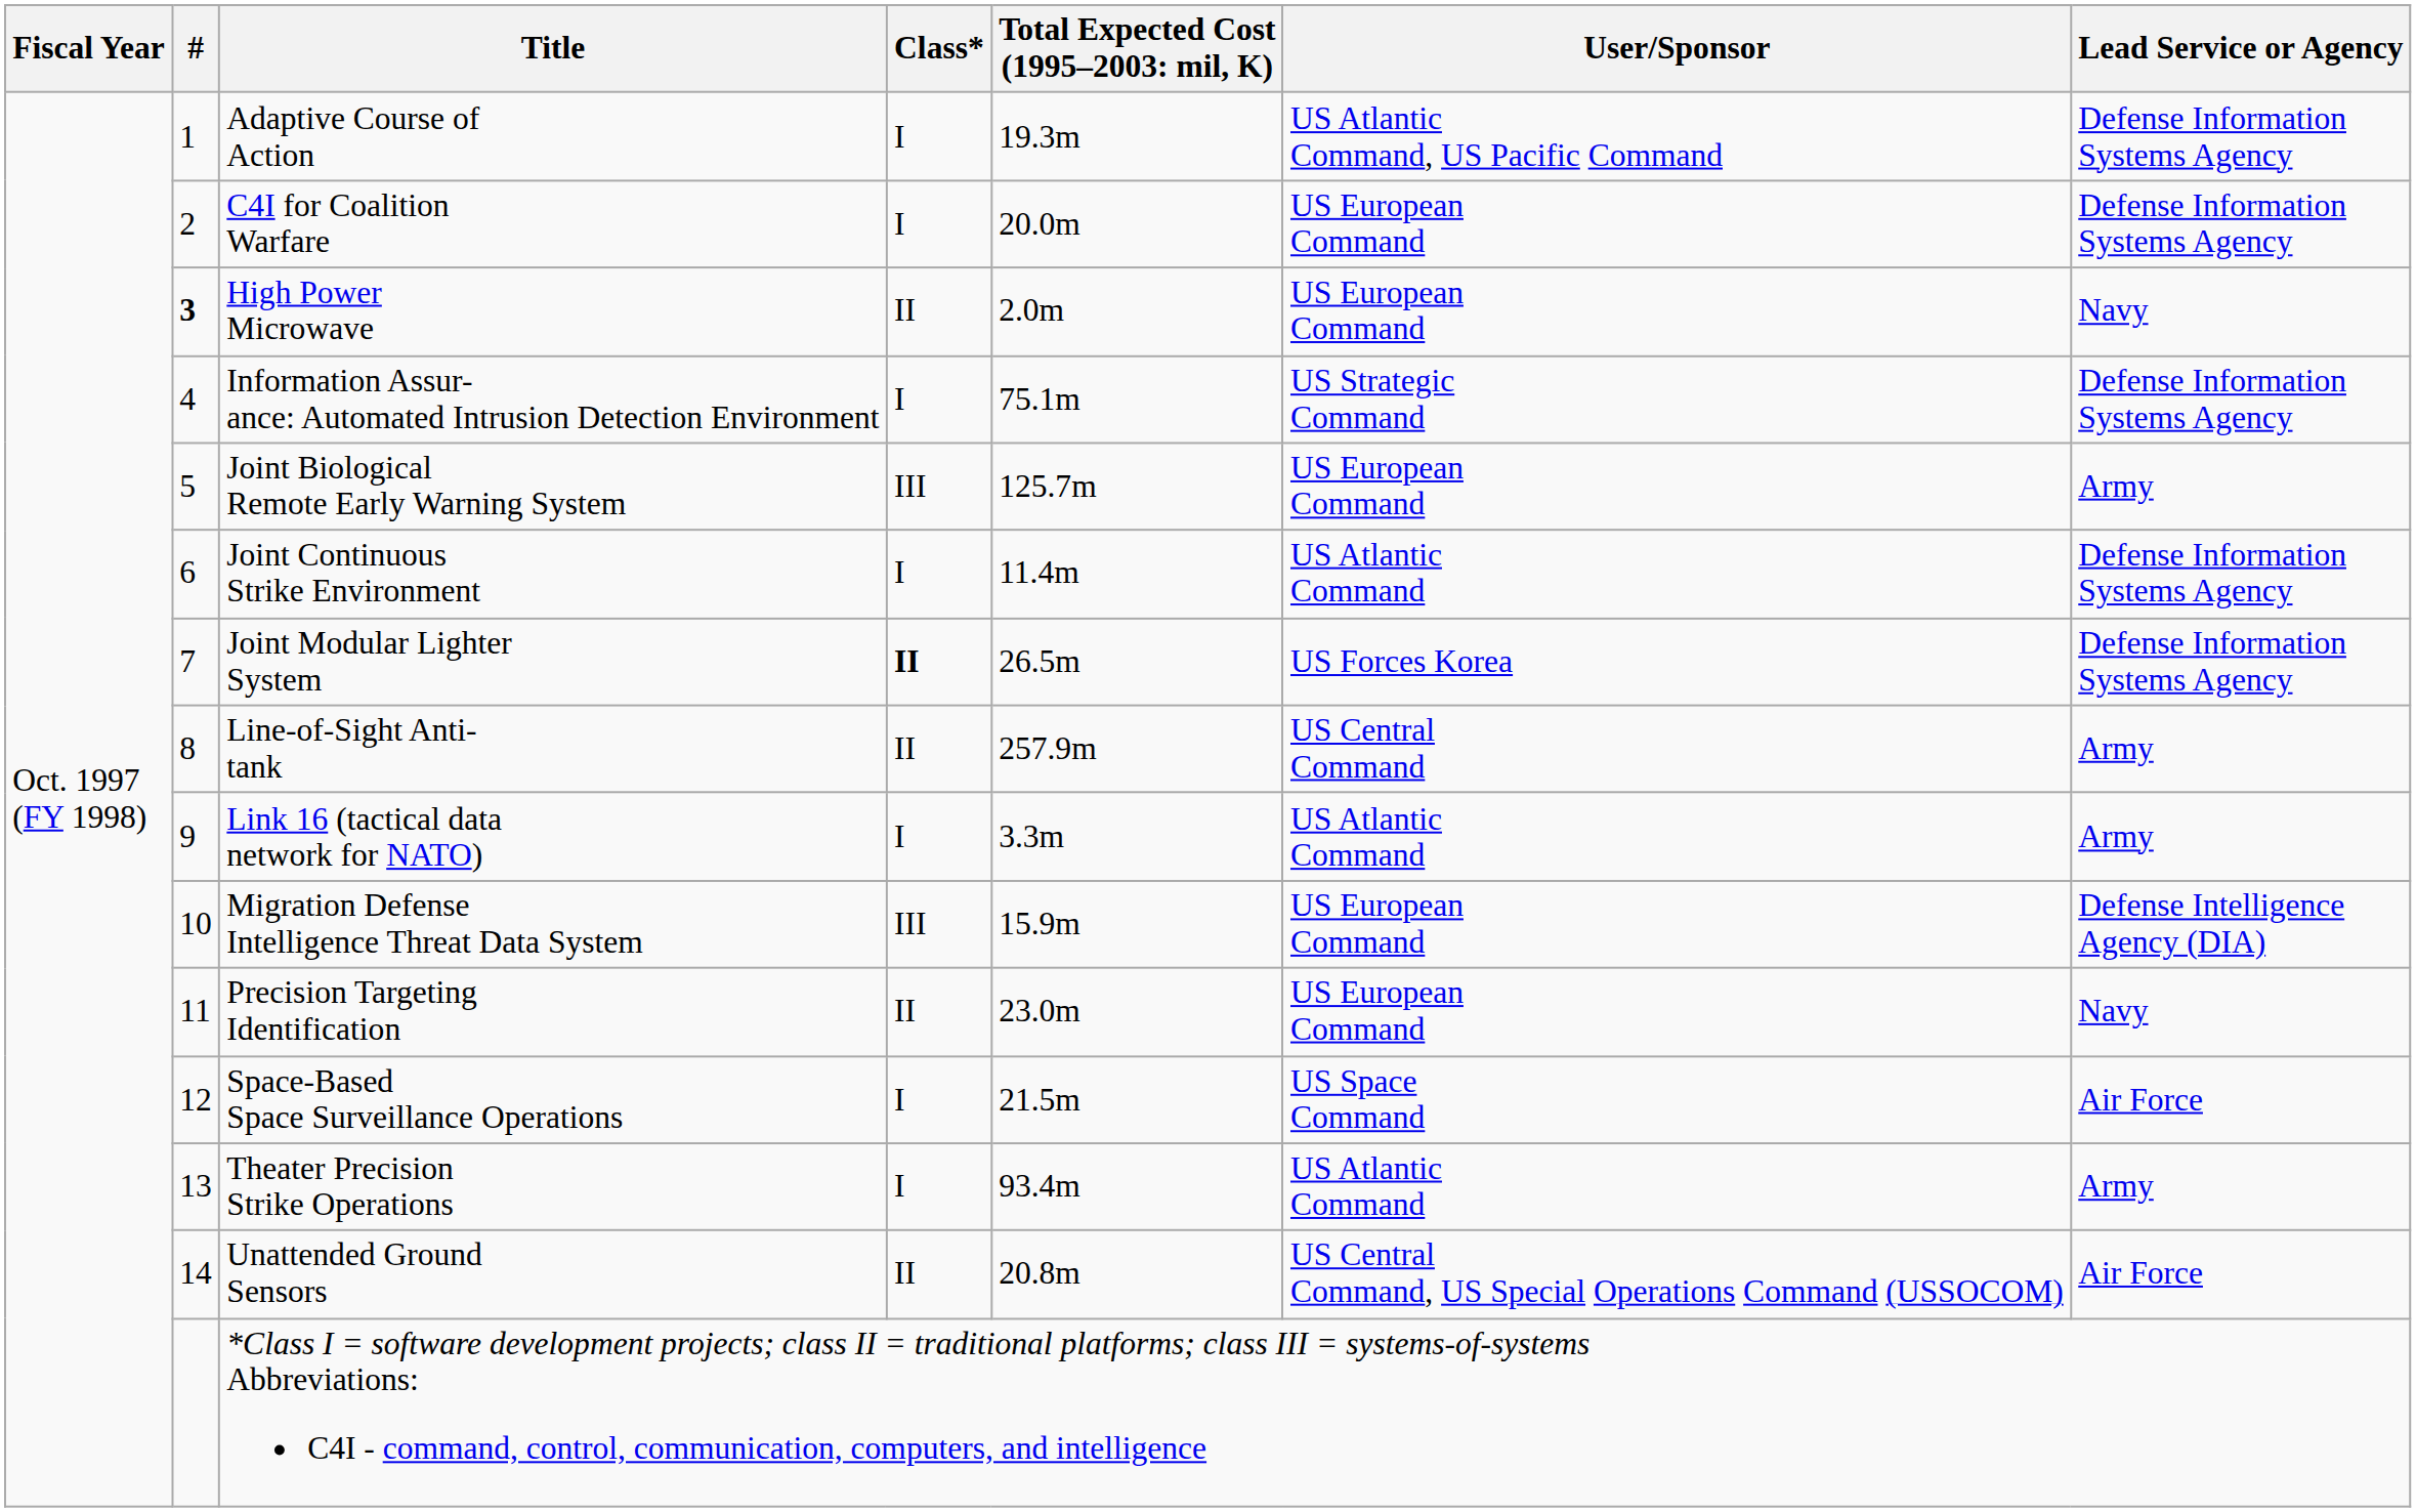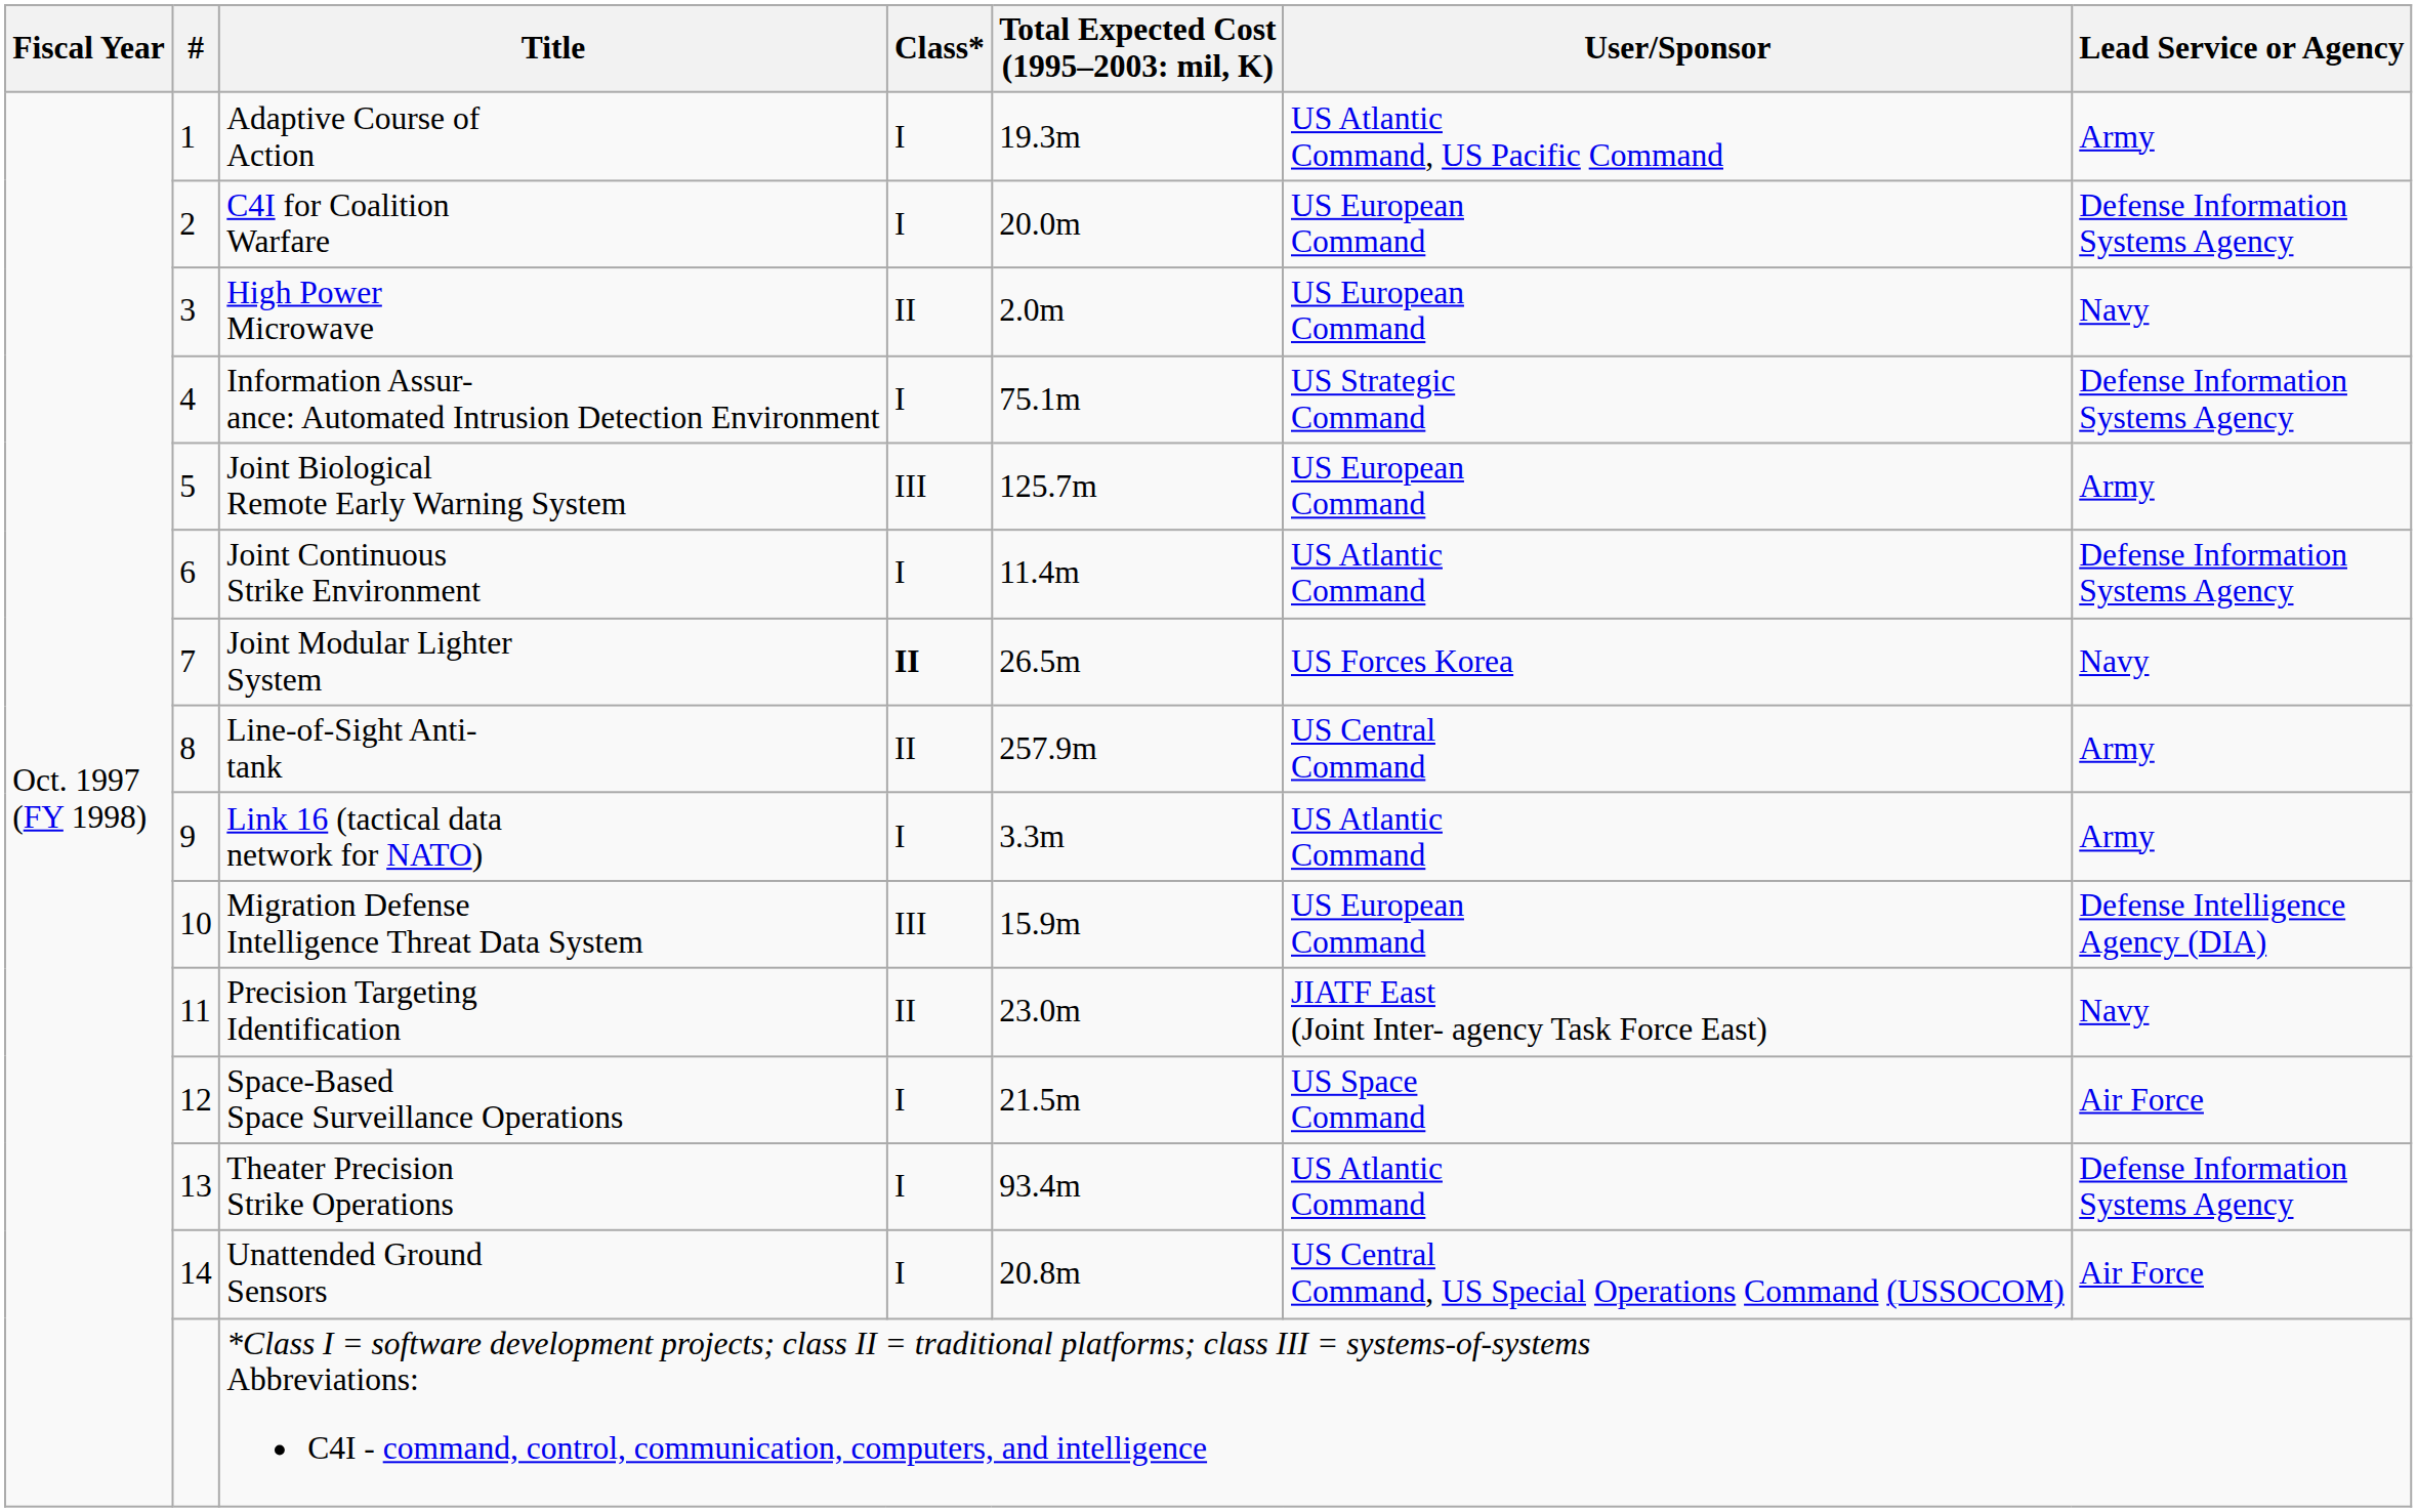 <table class="wikitable sortable mw-collapsible">
 <tr>
 <th>Fiscal Year</th>
 <th>#</th>
 <th>Title</th>
 <th>Class*</th>
 <th>Total Expected Cost<br>(1995–2003: mil, K)</th>
 <th>User/Sponsor</th>
 <th>Lead Service or Agency</th>
 </tr>
 <tr>
 <td rowspan="15">Oct. 1997<br>(<a href='#'>FY</a> 1998)</td>
 <td>1</td>
 <td>Adaptive Course of<br>Action</td>
 <td>I</td>
 <td>19.3m</td>
 <td><a href='#'>US Atlantic</a><br><a href='#'>Command</a>,  <a href='#'>US Pacific</a>  <a href='#'>Command</a></td>
-<td><a href='#'>Defense Information</a><br><a href='#'>Systems Agency</a></td>
+<td><a href='#'>Army</a></td>
 </tr>
 <tr>
 <td>2</td>
 <td><a href='#'>C4I</a> for Coalition<br>Warfare</td>
 <td>I</td>
 <td>20.0m</td>
 <td><a href='#'>US European</a><br><a href='#'>Command</a></td>
 <td><a href='#'>Defense Information</a><br><a href='#'>Systems Agency</a></td>
 </tr>
 <tr>
-<td><strong>3</strong></td>
+<td>3</td>
 <td><a href='#'>High Power</a><br>Microwave</td>
 <td>II</td>
 <td>2.0m</td>
 <td><a href='#'>US European</a><br><a href='#'>Command</a></td>
 <td><a href='#'>Navy</a></td>
 </tr>
 <tr>
 <td>4</td>
 <td>Information Assur-<br>ance: Automated  Intrusion Detection  Environment</td>
 <td>I</td>
 <td>75.1m</td>
 <td><a href='#'>US Strategic</a><br><a href='#'>Command</a></td>
 <td><a href='#'>Defense Information</a><br><a href='#'>Systems Agency</a></td>
 </tr>
 <tr>
 <td>5</td>
 <td>Joint Biological<br>Remote Early  Warning System</td>
 <td>III</td>
 <td>125.7m</td>
 <td><a href='#'>US European</a><br><a href='#'>Command</a></td>
 <td><a href='#'>Army</a></td>
 </tr>
 <tr>
 <td>6</td>
 <td>Joint Continuous<br>Strike Environment</td>
 <td>I</td>
 <td>11.4m</td>
 <td><a href='#'>US Atlantic</a><br><a href='#'>Command</a></td>
 <td><a href='#'>Defense Information</a><br><a href='#'>Systems Agency</a></td>
 </tr>
 <tr>
 <td>7</td>
 <td>Joint Modular Lighter<br>System</td>
 <td><strong>II</strong></td>
 <td>26.5m</td>
 <td><a href='#'>US Forces Korea</a></td>
-<td><a href='#'>Defense Information</a><br><a href='#'>Systems Agency</a></td>
+<td><a href='#'>Navy</a></td>
 </tr>
 <tr>
 <td>8</td>
 <td>Line-of-Sight Anti-<br>tank</td>
 <td>II</td>
 <td>257.9m</td>
 <td><a href='#'>US Central</a><br><a href='#'>Command</a></td>
 <td><a href='#'>Army</a></td>
 </tr>
 <tr>
 <td>9</td>
 <td><a href='#'>Link 16</a> (tactical data<br>network for <a href='#'>NATO</a>)</td>
 <td>I</td>
 <td>3.3m</td>
 <td><a href='#'>US Atlantic</a><br><a href='#'>Command</a></td>
 <td><a href='#'>Army</a></td>
 </tr>
 <tr>
 <td>10</td>
 <td>Migration Defense<br>Intelligence Threat  Data System</td>
 <td>III</td>
 <td>15.9m</td>
 <td><a href='#'>US European</a><br><a href='#'>Command</a></td>
 <td><a href='#'>Defense Intelligence</a><br><a href='#'>Agency (DIA)</a></td>
 </tr>
 <tr>
 <td>11</td>
 <td>Precision Targeting<br>Identification</td>
 <td>II</td>
 <td>23.0m</td>
-<td><a href='#'>US European</a><br><a href='#'>Command</a></td>
+<td><a href='#'>JIATF East</a><br>(Joint Inter- agency Task  Force East)</td>
 <td><a href='#'>Navy</a></td>
 </tr>
 <tr>
 <td>12</td>
 <td>Space-Based<br>Space Surveillance  Operations</td>
 <td>I</td>
 <td>21.5m</td>
 <td><a href='#'>US Space</a><br><a href='#'>Command</a></td>
 <td><a href='#'>Air Force</a></td>
 </tr>
 <tr>
 <td>13</td>
 <td>Theater Precision<br>Strike Operations</td>
 <td>I</td>
 <td>93.4m</td>
 <td><a href='#'>US Atlantic</a><br><a href='#'>Command</a></td>
-<td><a href='#'>Army</a></td>
+<td><a href='#'>Defense Information</a><br><a href='#'>Systems Agency</a></td>
 </tr>
 <tr>
 <td>14</td>
 <td>Unattended Ground<br>Sensors</td>
-<td>II</td>
+<td>I</td>
 <td>20.8m</td>
 <td><a href='#'>US Central</a><br><a href='#'>Command</a>,  <a href='#'>US Special</a>  <a href='#'>Operations</a>  <a href='#'>Command</a>  <a href='#'>(USSOCOM)</a></td>
 <td><a href='#'>Air Force</a></td>
 </tr>
 <tr>
 <td></td>
 <td colspan="5"><em>*Class I = software development projects; class II = traditional platforms; class III = systems-of-systems</em><br>Abbreviations:<ul><li>C4I - <a href='#'>command, control, communication, computers, and intelligence</a></li></ul></td>
 </tr>
 </table>
